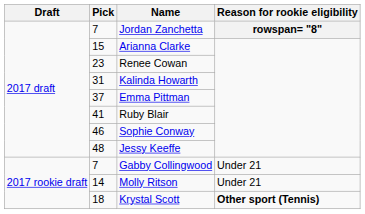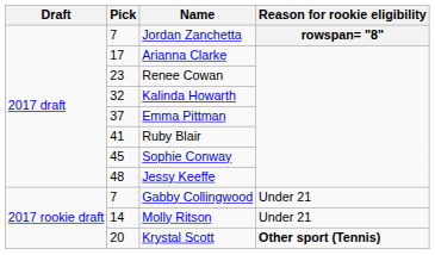 <table class="wikitable plainrowheaders">
 <tr>
 <th scope="col"><strong>Draft</strong></th>
 <th scope="col"><strong>Pick</strong></th>
 <th scope="col"><strong>Name</strong></th>
 <th scope="col"><strong>Reason for rookie eligibility</strong></th>
 </tr>
 <tr>
 <th rowspan= "8" style="font-weight: normal; background: #F9F9F9; text-align: left;"><a href='#'>2017 draft</a></th>
 <td>7</td>
 <td><a href='#'>Jordan Zanchetta</a></td>
 <th>rowspan= "8" </th>
 </tr>
 <tr>
-<td>15</td>
+<td>17</td>
 <td><a href='#'>Arianna Clarke</a></td>
 </tr>
 <tr>
 <td>23</td>
 <td>Renee Cowan</td>
 </tr>
 <tr>
-<td>31</td>
+<td>32</td>
 <td><a href='#'>Kalinda Howarth</a></td>
 </tr>
 <tr>
 <td>37</td>
 <td><a href='#'>Emma Pittman</a></td>
 </tr>
 <tr>
 <td>41</td>
 <td>Ruby Blair</td>
 </tr>
 <tr>
-<td>46</td>
+<td>45</td>
 <td><a href='#'>Sophie Conway</a></td>
 </tr>
 <tr>
 <td>48</td>
 <td><a href='#'>Jessy Keeffe</a></td>
 </tr>
 <tr>
 <th rowspan= "3" style="font-weight: normal; background: #F9F9F9; text-align: left;"><a href='#'>2017 rookie draft</a></th>
 <td>7</td>
 <td><a href='#'>Gabby Collingwood</a></td>
 <td>Under 21</td>
 </tr>
 <tr>
 <td>14</td>
 <td><a href='#'>Molly Ritson</a></td>
 <td>Under 21</td>
 </tr>
 <tr>
-<td>18</td>
+<td>20</td>
 <td><a href='#'>Krystal Scott</a></td>
 <td><strong>Other sport (Tennis)</strong></td>
 </tr>
 </table>
